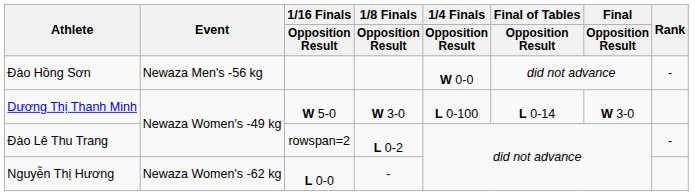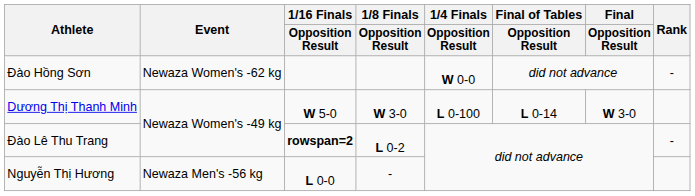 <table class=wikitable style=font-size:90%;text-align:center>
 <tr>
 <th rowspan=2>Athlete</th>
 <th rowspan=2>Event</th>
 <th>1/16 Finals</th>
 <th>1/8 Finals</th>
 <th>1/4 Finals</th>
 <th>Final of Tables</th>
 <th>Final</th>
 <th rowspan=2>Rank</th>
 </tr>
 <tr style="font-size:95%">
 <th>Opposition<br>Result</th>
 <th>Opposition<br>Result</th>
 <th>Opposition<br>Result</th>
 <th>Opposition<br>Result</th>
 <th>Opposition<br>Result</th>
 </tr>
 <tr>
 <td align=left>Đào Hồng Sơn</td>
-<td align=left>Newaza Men's -56 kg</td>
+<td align=left>Newaza Women's -62 kg</td>
 <td></td>
 <td></td>
 <td><br><strong>W</strong> 0-0 </td>
 <td colspan=2><em>did not advance</em></td>
 <td>-</td>
 </tr>
 <tr>
 <td align=left><a href='#'>Dương Thị Thanh Minh</a></td>
 <td rowspan=2 align=left>Newaza Women's -49 kg</td>
 <td><br><strong>W</strong> 5-0 <a href='#'></a></td>
 <td><br><strong>W</strong> 3-0 <a href='#'></a></td>
 <td><br><strong>L</strong> 0-100 <a href='#'></a></td>
 <td><br><strong>L</strong> 0-14 <a href='#'></a></td>
 <td><br><strong>W</strong> 3-0 <a href='#'></a></td>
 <td></td>
 </tr>
 <tr>
 <td align=left>Đào Lê Thu Trang</td>
-<td>rowspan=2</td>
+<td><strong>rowspan=2</strong></td>
 <td><br><strong>L</strong> 0-2 <a href='#'></a></td>
 <td rowspan=2 colspan=3><em>did not advance</em></td>
 <td>-</td>
 </tr>
 <tr>
 <td align=left>Nguyễn Thị Hương</td>
-<td align=left>Newaza Women's -62 kg</td>
+<td align=left>Newaza Men's -56 kg</td>
 <td><br><strong>L</strong> 0-0 </td>
 <td>-</td>
 </tr>
 </table>
